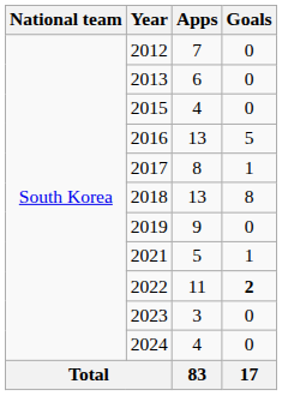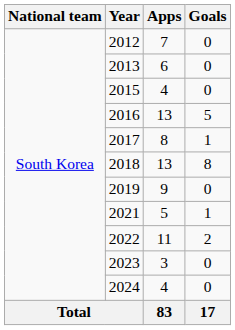 <table class="wikitable" style="text-align:center">
 <tr>
 <th>National team</th>
 <th>Year</th>
 <th>Apps</th>
 <th>Goals</th>
 </tr>
 <tr>
 <td rowspan="11"><a href='#'>South Korea</a></td>
 <td>2012</td>
 <td>7</td>
 <td>0</td>
 </tr>
 <tr>
 <td>2013</td>
 <td>6</td>
 <td>0</td>
 </tr>
 <tr>
 <td>2015</td>
 <td>4</td>
 <td>0</td>
 </tr>
 <tr>
 <td>2016</td>
 <td>13</td>
 <td>5</td>
 </tr>
 <tr>
 <td>2017</td>
 <td>8</td>
 <td>1</td>
 </tr>
 <tr>
 <td>2018</td>
 <td>13</td>
 <td>8</td>
 </tr>
 <tr>
 <td>2019</td>
 <td>9</td>
 <td>0</td>
 </tr>
 <tr>
 <td>2021</td>
 <td>5</td>
 <td>1</td>
 </tr>
 <tr>
 <td>2022</td>
 <td>11</td>
-<td><strong>2</strong></td>
+<td>2</td>
 </tr>
 <tr>
 <td>2023</td>
 <td>3</td>
 <td>0</td>
 </tr>
 <tr>
 <td>2024</td>
 <td>4</td>
 <td>0</td>
 </tr>
 <tr>
 <th colspan=2>Total</th>
 <th>83</th>
 <th>17</th>
 </tr>
 </table>
